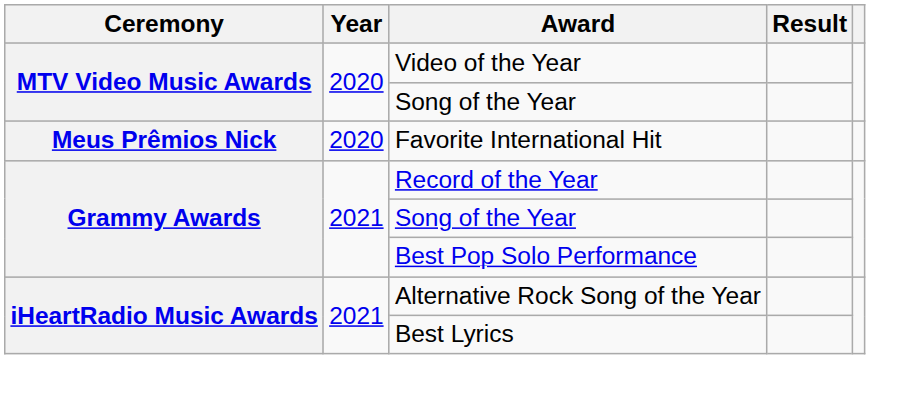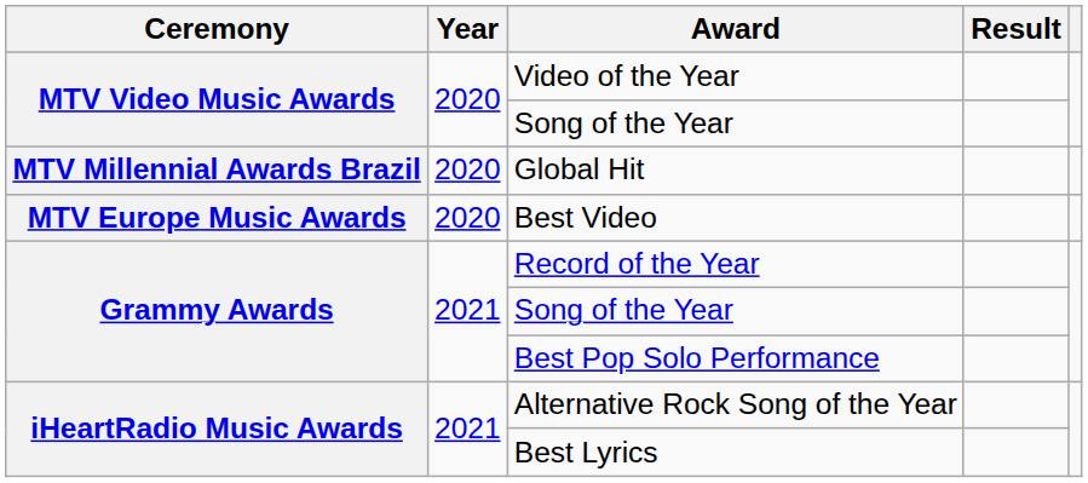 <table class="wikitable sortable plainrowheaders">
 <tr>
 <th scope="col">Ceremony</th>
 <th scope="col">Year</th>
 <th scope="col">Award</th>
 <th scope="col">Result</th>
 <th scope="col" class="unsortable"></th>
 </tr>
 <tr>
 <th scope="row" rowspan="2"><a href='#'>MTV Video Music Awards</a></th>
 <td rowspan="2"><a href='#'>2020</a></td>
 <td>Video of the Year</td>
 <td></td>
 <td style="text-align:center;" rowspan="2"></td>
 </tr>
 <tr>
 <td>Song of the Year</td>
 <td></td>
 </tr>
 <tr>
-<th scope="row"><a href='#'>Meus Prêmios Nick</a></th>
+<th scope="row"><a href='#'>MTV Millennial Awards Brazil</a></th>
 <td><a href='#'>2020</a></td>
-<td>Favorite International Hit</td>
+<td>Global Hit</td>
+<td></td>
+<td style="text-align:center;'"></td>
+</tr>
+<tr>
+<th scope="row"><a href='#'>MTV Europe Music Awards</a></th>
+<td><a href='#'>2020</a></td>
+<td>Best Video</td>
 <td></td>
 <td style="text-align:center;"></td>
 </tr>
 <tr>
 <th scope="row" rowspan="3"><a href='#'>Grammy Awards</a></th>
 <td rowspan="3"><a href='#'>2021</a></td>
 <td><a href='#'>Record of the Year</a></td>
 <td></td>
 <td style="text-align:center;" rowspan="3"></td>
 </tr>
 <tr>
 <td><a href='#'>Song of the Year</a></td>
 <td></td>
 </tr>
 <tr>
 <td><a href='#'>Best Pop Solo Performance</a></td>
 <td></td>
 </tr>
 <tr>
 <th scope="row" rowspan="2"><a href='#'>iHeartRadio Music Awards</a></th>
 <td rowspan="2"><a href='#'>2021</a></td>
 <td>Alternative Rock Song of the Year</td>
 <td></td>
 <td style="text-align:center;" rowspan="2"></td>
 </tr>
 <tr>
 <td>Best Lyrics</td>
 <td></td>
 </tr>
 </table>
